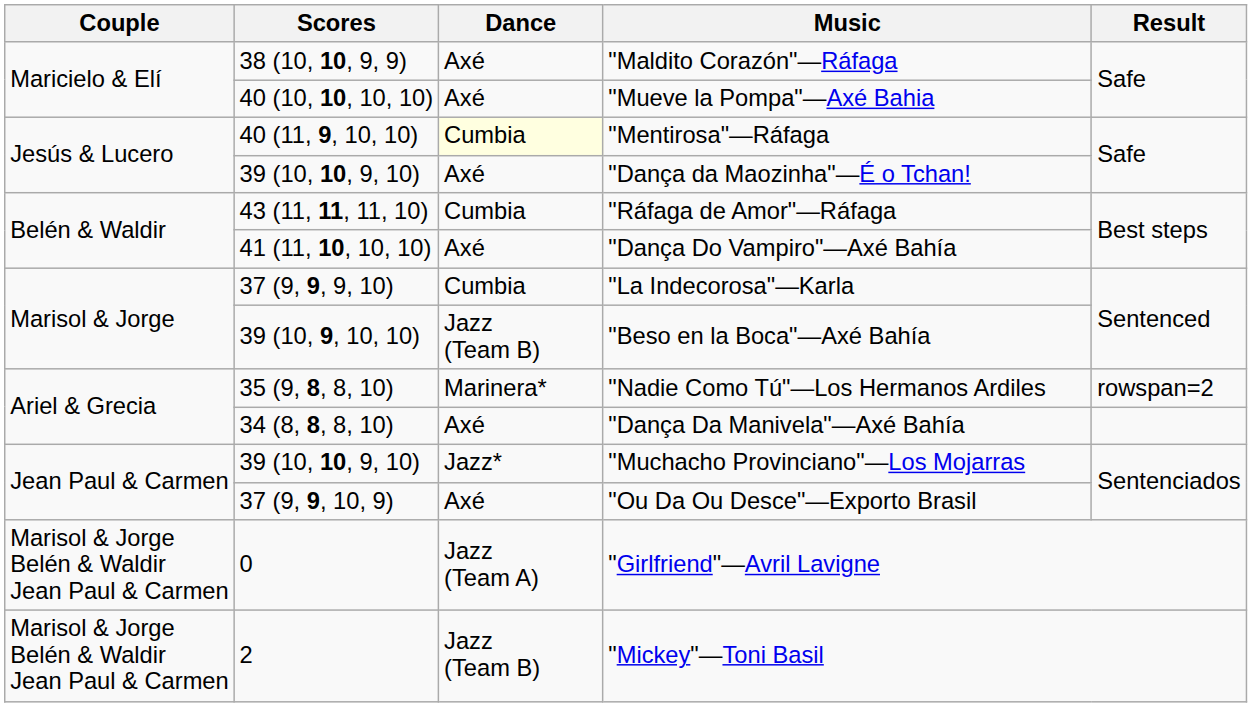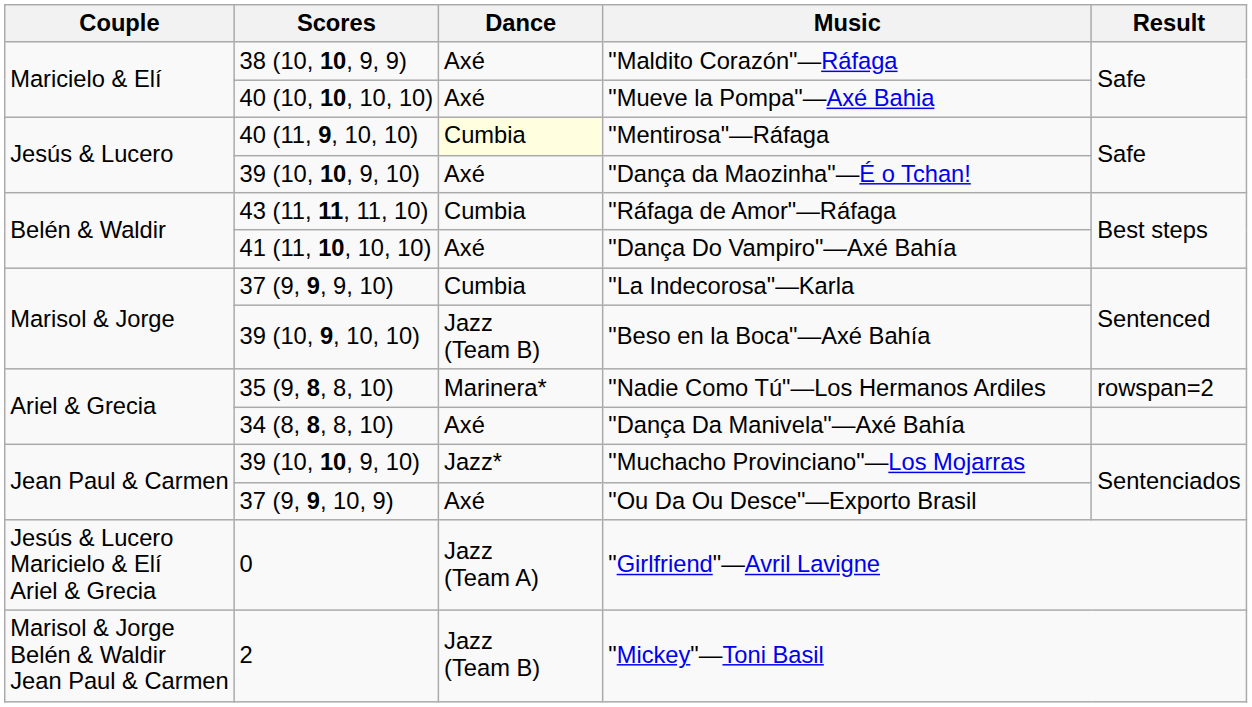 <table class="wikitable sortable" style="width:95%; white-space:nowrap;">
 <tr>
 <th style="width:15%;">Couple</th>
 <th style="width:14%;">Scores</th>
 <th style="width:14%;">Dance</th>
 <th style="width:40%;">Music</th>
 <th style="width:12%;">Result</th>
 </tr>
 <tr>
 <td rowspan=2>Maricielo & Elí</td>
 <td>38 (10, <strong>10</strong>, 9, 9)</td>
 <td>Axé</td>
 <td>"Maldito Corazón"—<a href='#'>Ráfaga</a></td>
 <td rowspan=2>Safe</td>
 </tr>
 <tr>
 <td>40 (10, <strong>10</strong>, 10, 10)</td>
 <td>Axé</td>
 <td>"Mueve la Pompa"—<a href='#'>Axé Bahia</a></td>
 </tr>
 <tr>
 <td rowspan=2>Jesús & Lucero</td>
 <td>40 (11, <strong>9</strong>, 10, 10)</td>
 <td style="background: lightyellow;">Cumbia</td>
 <td>"Mentirosa"—Ráfaga</td>
 <td rowspan=2>Safe</td>
 </tr>
 <tr>
 <td>39 (10, <strong>10</strong>, 9, 10)</td>
 <td>Axé</td>
 <td>"Dança da Maozinha"—<a href='#'>É o Tchan!</a></td>
 </tr>
 <tr>
 <td rowspan=2>Belén & Waldir</td>
 <td>43 (11, <strong>11</strong>, 11, 10)</td>
 <td>Cumbia</td>
 <td>"Ráfaga de Amor"—Ráfaga</td>
 <td rowspan=2>Best steps</td>
 </tr>
 <tr>
 <td>41 (11, <strong>10</strong>, 10, 10)</td>
 <td>Axé</td>
 <td>"Dança Do Vampiro"—Axé Bahía</td>
 </tr>
 <tr>
 <td rowspan=2>Marisol & Jorge</td>
 <td>37 (9, <strong>9</strong>, 9, 10)</td>
 <td>Cumbia</td>
 <td>"La Indecorosa"—Karla</td>
 <td rowspan=2>Sentenced</td>
 </tr>
 <tr>
 <td>39 (10, <strong>9</strong>, 10, 10)</td>
 <td>Jazz<br>(Team B)</td>
 <td>"Beso en la Boca"—Axé Bahía</td>
 </tr>
 <tr>
 <td rowspan=2>Ariel & Grecia</td>
 <td>35 (9, <strong>8</strong>, 8, 10)</td>
 <td>Marinera*</td>
 <td>"Nadie Como Tú"—Los Hermanos Ardiles</td>
 <td>rowspan=2 </td>
 </tr>
 <tr>
 <td>34 (8, <strong>8</strong>, 8, 10)</td>
 <td>Axé</td>
 <td>"Dança Da Manivela"—Axé Bahía</td>
 </tr>
 <tr>
 <td rowspan=2>Jean Paul & Carmen</td>
 <td>39 (10, <strong>10</strong>, 9, 10)</td>
 <td>Jazz*</td>
 <td>"Muchacho Provinciano"—<a href='#'>Los Mojarras</a></td>
 <td rowspan=2>Sentenciados</td>
 </tr>
 <tr>
 <td>37 (9, <strong>9</strong>, 10, 9)</td>
 <td>Axé</td>
 <td>"Ou Da Ou Desce"—Exporto Brasil</td>
 </tr>
 <tr>
-<td>Marisol & Jorge<br>Belén & Waldir<br>Jean Paul & Carmen</td>
+<td>Jesús & Lucero<br>Maricielo & Elí<br>Ariel & Grecia</td>
 <td>0</td>
 <td>Jazz<br>(Team A)</td>
 <td colspan=2>"<a href='#'>Girlfriend</a>"—<a href='#'>Avril Lavigne</a></td>
 </tr>
 <tr>
 <td>Marisol & Jorge<br>Belén & Waldir<br>Jean Paul & Carmen</td>
 <td>2</td>
 <td>Jazz<br>(Team B)</td>
 <td colspan=2>"<a href='#'>Mickey</a>"—<a href='#'>Toni Basil</a></td>
 </tr>
 </table>
